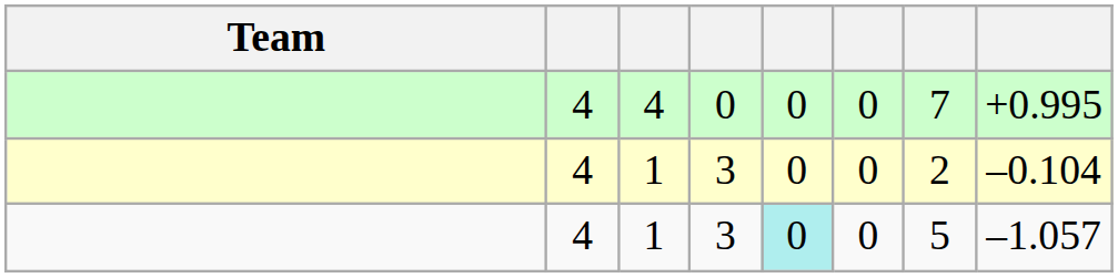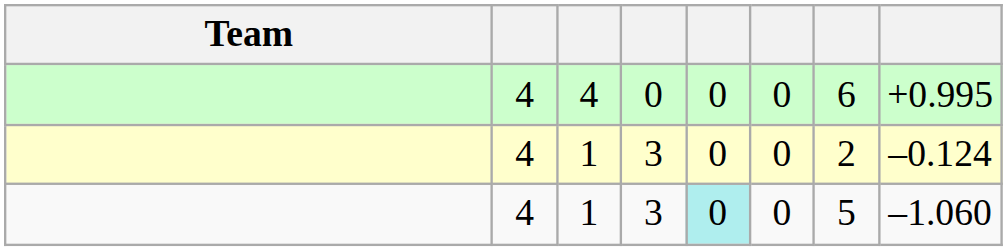 <table class="wikitable" style="text-align:center">
 <tr>
 <th width=200>Team</th>
 <th width=20></th>
 <th width=20></th>
 <th width=20></th>
 <th width=20></th>
 <th width=20></th>
 <th width=20></th>
 <th width=45></th>
 </tr>
 <tr style="background:#cfc;">
 <td align="left"></td>
 <td>4</td>
 <td>4</td>
 <td>0</td>
 <td>0</td>
 <td>0</td>
-<td>7</td>
+<td>6</td>
 <td>+0.995</td>
 </tr>
 <tr style="background:#ffc;">
 <td align="left"></td>
 <td>4</td>
 <td>1</td>
 <td>3</td>
 <td>0</td>
 <td>0</td>
 <td>2</td>
-<td>–0.104</td>
+<td>–0.124</td>
 </tr>
 <tr>
 <td align="left"></td>
 <td>4</td>
 <td>1</td>
 <td>3</td>
 <td style="background: paleturquoise;">0</td>
 <td>0</td>
 <td>5</td>
-<td>–1.057</td>
+<td>–1.060</td>
 </tr>
 </table>
